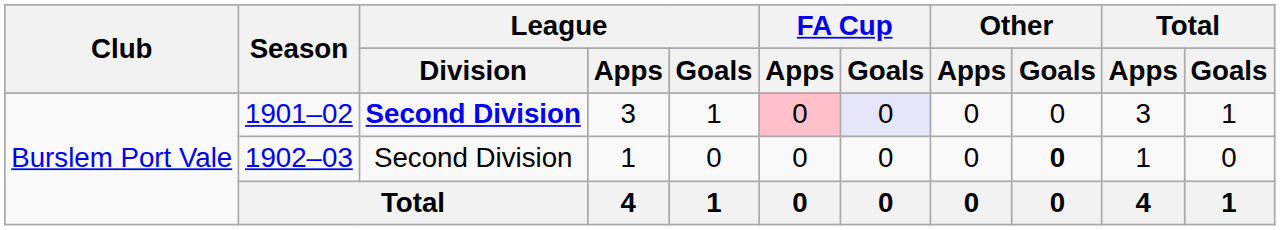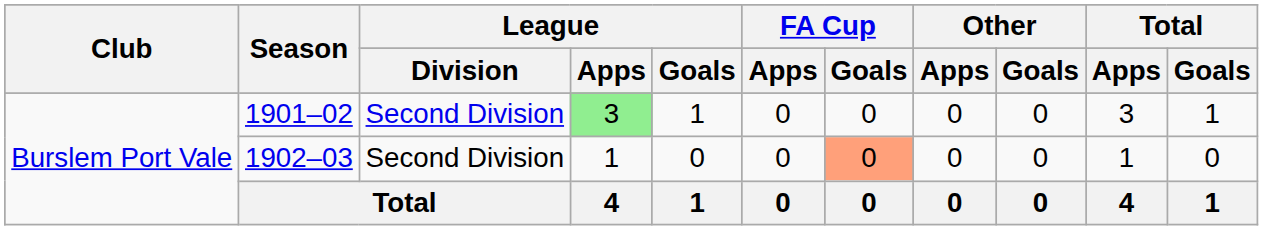 <table class="wikitable" style="text-align:center">
 <tr>
 <th rowspan="2">Club</th>
 <th rowspan="2">Season</th>
 <th colspan="3">League</th>
 <th colspan="2"><a href='#'>FA Cup</a></th>
 <th colspan="2">Other</th>
 <th colspan="2">Total</th>
 </tr>
 <tr>
 <th>Division</th>
 <th>Apps</th>
 <th>Goals</th>
 <th>Apps</th>
 <th>Goals</th>
 <th>Apps</th>
 <th>Goals</th>
 <th>Apps</th>
 <th>Goals</th>
 </tr>
 <tr>
 <td rowspan="3"><a href='#'>Burslem Port Vale</a></td>
 <td><a href='#'>1901–02</a></td>
-<td><strong><a href='#'>Second Division</a></strong></td>
-<td>3</td>
+<td><a href='#'>Second Division</a></td>
+<td style="background: lightgreen;">3</td>
 <td>1</td>
-<td style="background: pink;">0</td>
-<td style="background: lavender;">0</td>
+<td>0</td>
+<td>0</td>
 <td>0</td>
 <td>0</td>
 <td>3</td>
 <td>1</td>
 </tr>
 <tr>
 <td><a href='#'>1902–03</a></td>
 <td>Second Division</td>
 <td>1</td>
 <td>0</td>
 <td>0</td>
+<td style="background: lightsalmon;">0</td>
 <td>0</td>
 <td>0</td>
-<td><strong>0</strong></td>
 <td>1</td>
 <td>0</td>
 </tr>
 <tr>
 <th colspan="2">Total</th>
 <th>4</th>
 <th>1</th>
 <th>0</th>
 <th>0</th>
 <th>0</th>
 <th>0</th>
 <th>4</th>
 <th>1</th>
 </tr>
 </table>
